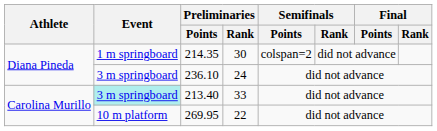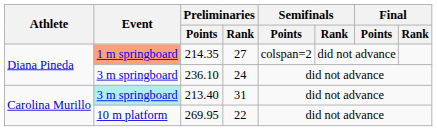 <table class=wikitable style="font-size:90%;">
 <tr>
 <th rowspan="2">Athlete</th>
 <th rowspan="2">Event</th>
 <th colspan="2">Preliminaries</th>
 <th colspan="2">Semifinals</th>
 <th colspan="2">Final</th>
 </tr>
 <tr style="font-size:95%">
 <th>Points</th>
 <th>Rank</th>
 <th>Points</th>
 <th>Rank</th>
 <th>Points</th>
 <th>Rank</th>
 </tr>
 <tr align=center>
 <td align=left rowspan=2><a href='#'>Diana Pineda</a></td>
-<td align=left><a href='#'>1 m springboard</a></td>
+<td align=left style="background: lightsalmon;"><a href='#'>1 m springboard</a></td>
 <td>214.35</td>
-<td>30</td>
+<td>27</td>
 <td>colspan=2 </td>
 <td colspan=2>did not advance</td>
 </tr>
 <tr align=center>
 <td align=left><a href='#'>3 m springboard</a></td>
 <td>236.10</td>
 <td>24</td>
 <td colspan=4>did not advance</td>
 </tr>
 <tr align=center>
 <td align=left rowspan=2><a href='#'>Carolina Murillo</a></td>
 <td align=left style="background: paleturquoise;"><a href='#'>3 m springboard</a></td>
 <td>213.40</td>
-<td>33</td>
+<td>31</td>
 <td colspan=4>did not advance</td>
 </tr>
 <tr align=center>
 <td align=left><a href='#'>10 m platform</a></td>
 <td>269.95</td>
 <td>22</td>
 <td colspan=4>did not advance</td>
 </tr>
 </table>
